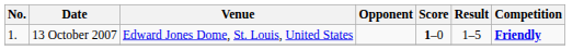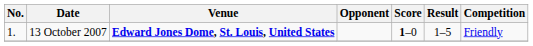 <table class="wikitable">
 <tr>
 <th>No.</th>
 <th>Date</th>
 <th>Venue</th>
 <th>Opponent</th>
 <th>Score</th>
 <th>Result</th>
 <th>Competition</th>
 </tr>
 <tr>
 <td>1.</td>
 <td>13 October 2007</td>
-<td><a href='#'>Edward Jones Dome</a>, <a href='#'>St. Louis</a>, <a href='#'>United States</a></td>
+<td><strong><a href='#'>Edward Jones Dome</a>, <a href='#'>St. Louis</a>, <a href='#'>United States</a></strong></td>
 <td></td>
 <td align=center><strong>1</strong>–0</td>
 <td align=center>1–5</td>
-<td><strong><a href='#'>Friendly</a></strong></td>
+<td><a href='#'>Friendly</a></td>
 </tr>
 <tr>
 </tr>
 </table>
